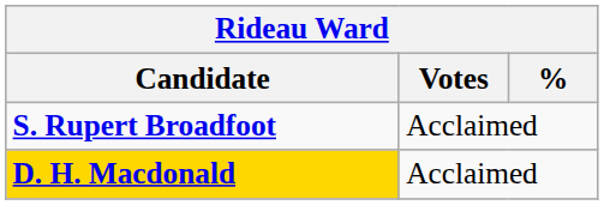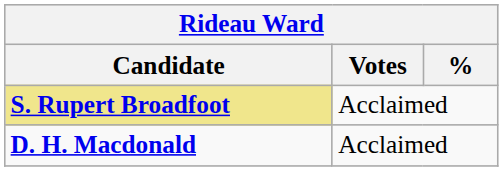 <table class="wikitable">
 <tr>
 <th colspan="3"><a href='#'>Rideau Ward</a></th>
 </tr>
 <tr>
 <th style="width: 200px">Candidate</th>
 <th style="width: 50px">Votes</th>
 <th style="width: 40px">%</th>
 </tr>
 <tr>
-<td><strong><a href='#'>S. Rupert Broadfoot</a></strong></td>
+<td style="background: khaki;"><strong><a href='#'>S. Rupert Broadfoot</a></strong></td>
 <td colspan="2">Acclaimed</td>
 </tr>
 <tr>
-<td style="background: gold;"><strong><a href='#'>D. H. Macdonald</a></strong></td>
+<td><strong><a href='#'>D. H. Macdonald</a></strong></td>
 <td colspan="2">Acclaimed</td>
 </tr>
 </table>
